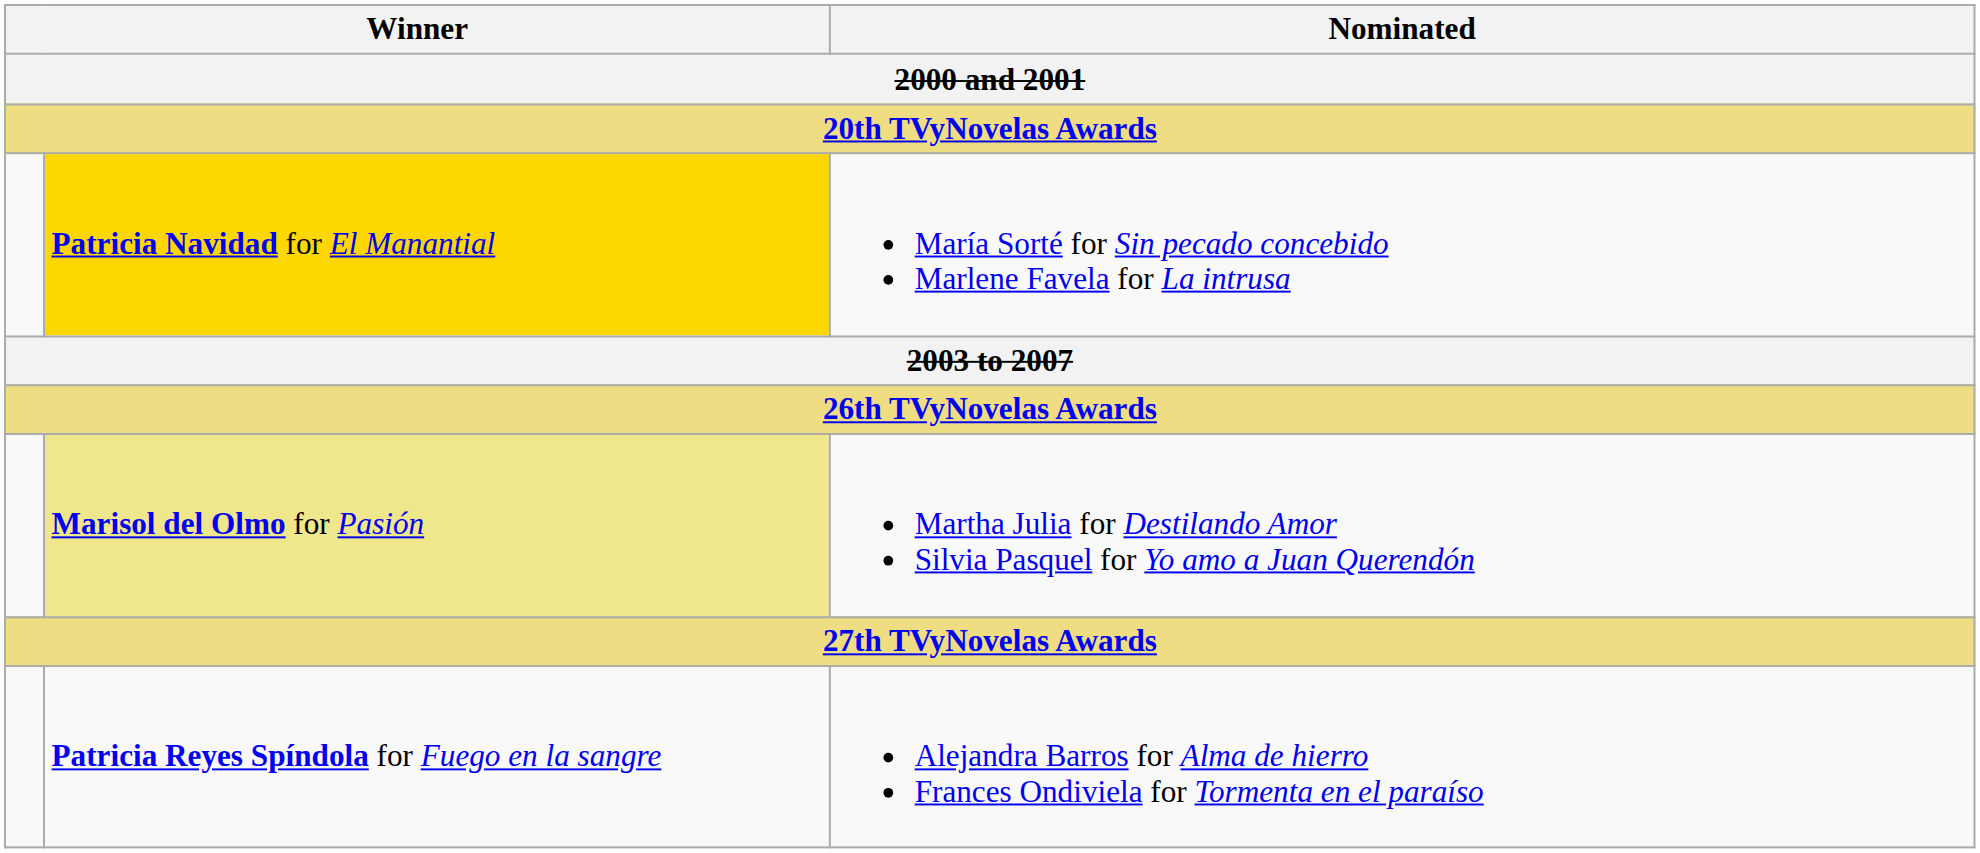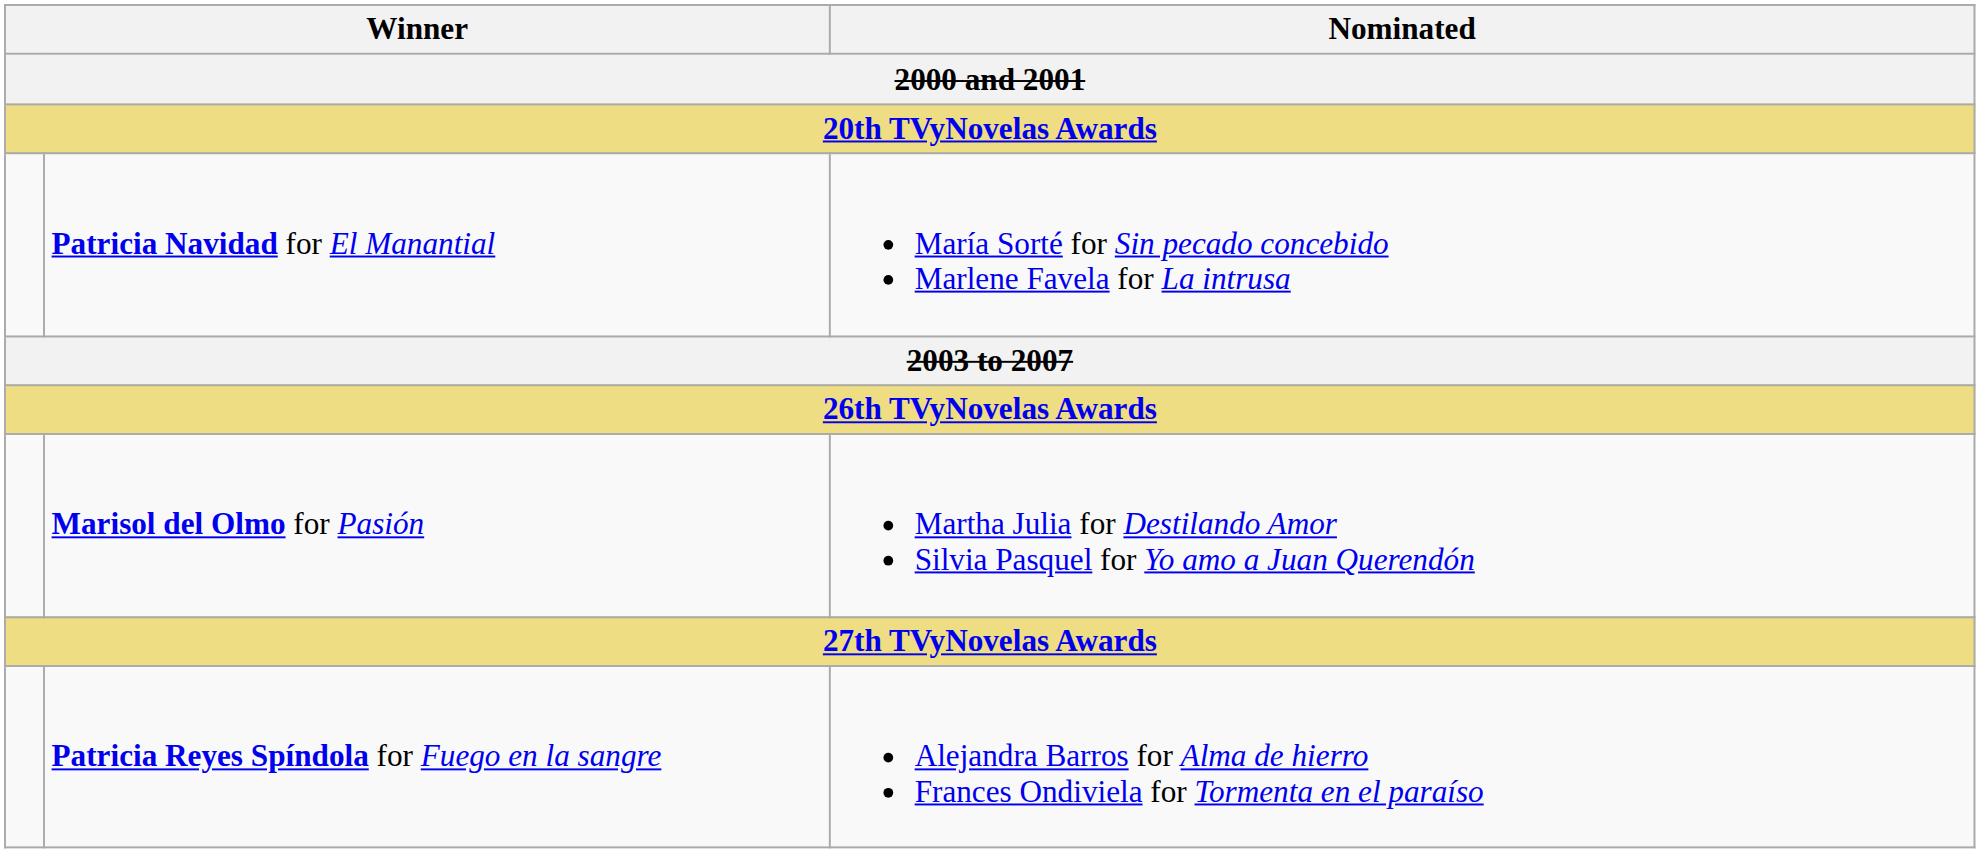 <table class="wikitable" width=80%>
 <tr align=center>
 <th width="150px;" colspan=2; align="center">Winner</th>
 <th width="580px;" align="center">Nominated</th>
 </tr>
 <tr>
 <th colspan=9 align="center"><s>2000 and 2001</s></th>
 </tr>
 <tr>
 <th colspan=9 style="background:#EEDD82;"  align="center"><strong><a href='#'>20th TVyNovelas Awards</a></strong></th>
 </tr>
 <tr>
 <td width=2%></td>
-<td style="background: gold;"><strong><a href='#'>Patricia Navidad</a></strong> for <em><a href='#'>El Manantial</a></em></td>
+<td><strong><a href='#'>Patricia Navidad</a></strong> for <em><a href='#'>El Manantial</a></em></td>
 <td><br><ul><li><a href='#'>María Sorté</a> for <em><a href='#'>Sin pecado concebido</a></em></li><li><a href='#'>Marlene Favela</a> for <em><a href='#'>La intrusa</a></em></li></ul></td>
 </tr>
 <tr>
 <th colspan=9 align="center"><s>2003 to 2007</s></th>
 </tr>
 <tr>
 <th colspan=9 style="background:#EEDD82;"  align="center"><strong><a href='#'>26th TVyNovelas Awards</a></strong></th>
 </tr>
 <tr>
 <td width=2%></td>
-<td style="background: khaki;"><strong><a href='#'>Marisol del Olmo</a></strong> for <em><a href='#'>Pasión</a></em></td>
+<td><strong><a href='#'>Marisol del Olmo</a></strong> for <em><a href='#'>Pasión</a></em></td>
 <td><br><ul><li><a href='#'>Martha Julia</a> for <em><a href='#'>Destilando Amor</a></em></li><li><a href='#'>Silvia Pasquel</a> for <em><a href='#'>Yo amo a Juan Querendón</a></em></li></ul></td>
 </tr>
 <tr>
 <th colspan=9 style="background:#EEDD82;"  align="center"><strong><a href='#'>27th TVyNovelas Awards</a></strong></th>
 </tr>
 <tr>
 <td width=2%></td>
 <td><strong><a href='#'>Patricia Reyes Spíndola</a></strong> for <em><a href='#'>Fuego en la sangre</a></em></td>
 <td><br><ul><li><a href='#'>Alejandra Barros</a> for <em><a href='#'>Alma de hierro</a></em></li><li><a href='#'>Frances Ondiviela</a> for <em><a href='#'>Tormenta en el paraíso</a></em></li></ul></td>
 </tr>
 </table>
